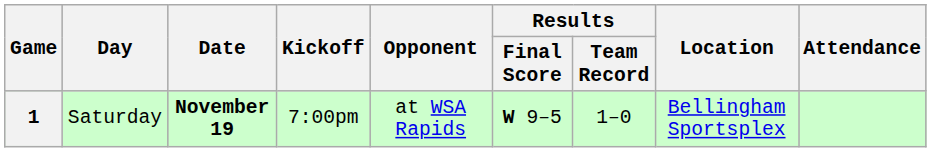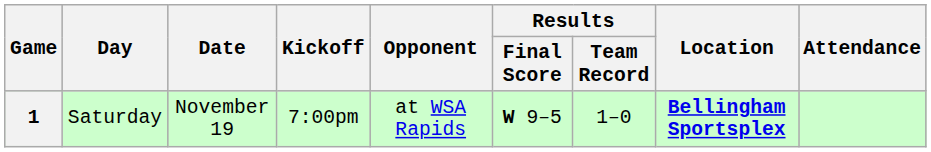 <table class="wikitable">
 <tr>
 <th rowspan="2" width="40">Game</th>
 <th rowspan="2" width="70">Day</th>
 <th rowspan="2" width="100">Date</th>
 <th rowspan="2" width="60">Kickoff</th>
 <th rowspan="2" width="180">Opponent</th>
 <th colspan="2" width="180">Results</th>
 <th rowspan="2" width="180">Location</th>
 <th rowspan="2" width="80">Attendance</th>
 </tr>
 <tr>
 <th width="120">Final Score</th>
 <th width="60">Team Record</th>
 </tr>
 <tr align="center" bgcolor="#CCFFCC">
 <th>1</th>
 <td>Saturday</td>
-<td><strong>November 19</strong></td>
+<td>November 19</td>
 <td>7:00pm</td>
 <td>at <a href='#'>WSA Rapids</a></td>
 <td><strong>W</strong> 9–5</td>
 <td>1–0</td>
-<td><a href='#'>Bellingham Sportsplex</a></td>
+<td><strong><a href='#'>Bellingham Sportsplex</a></strong></td>
 <td></td>
 </tr>
 </table>
